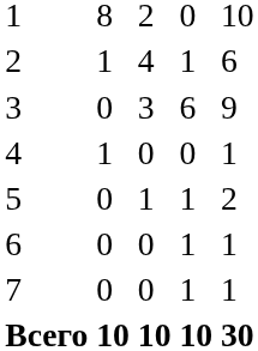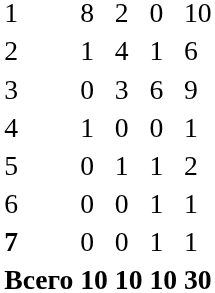 <table>
 <tr>
 <td>1</td>
 <td align=left></td>
 <td>8</td>
 <td>2</td>
 <td>0</td>
 <td>10</td>
 </tr>
 <tr>
 <td>2</td>
 <td align=left></td>
 <td>1</td>
 <td>4</td>
 <td>1</td>
 <td>6</td>
 </tr>
 <tr>
 <td>3</td>
 <td align=left></td>
 <td>0</td>
 <td>3</td>
 <td>6</td>
 <td>9</td>
 </tr>
 <tr>
 <td>4</td>
 <td align=left></td>
 <td>1</td>
 <td>0</td>
 <td>0</td>
 <td>1</td>
 </tr>
 <tr>
 <td>5</td>
 <td align=left></td>
 <td>0</td>
 <td>1</td>
 <td>1</td>
 <td>2</td>
 </tr>
 <tr>
 <td>6</td>
 <td align=left></td>
 <td>0</td>
 <td>0</td>
 <td>1</td>
 <td>1</td>
 </tr>
 <tr>
-<td>7</td>
+<td><strong>7</strong></td>
 <td align=left></td>
 <td>0</td>
 <td>0</td>
 <td>1</td>
 <td>1</td>
 </tr>
 <tr>
 <th colspan=2>Всего</th>
 <th>10</th>
 <th>10</th>
 <th>10</th>
 <th>30</th>
 </tr>
 </table>
